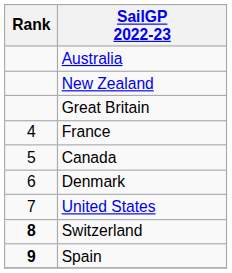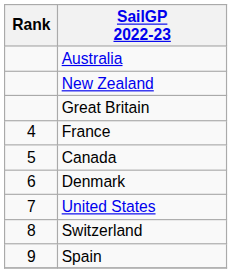 <table class="wikitable sortable" style="font-size:85%; text-align:center;">
 <tr>
 <th width=40>Rank<br></th>
 <th width=140><a href='#'>SailGP<br>2022-23</a></th>
 </tr>
 <tr>
 <td></td>
 <td style="text-align:left;"> <a href='#'>Australia</a></td>
 </tr>
 <tr>
 <td></td>
 <td style="text-align:left;"> <a href='#'>New Zealand</a></td>
 </tr>
 <tr>
 <td></td>
 <td style="text-align:left;"> Great Britain</td>
 </tr>
 <tr>
 <td>4</td>
 <td style="text-align:left;"> France</td>
 </tr>
 <tr>
 <td>5</td>
 <td style="text-align:left;"> Canada</td>
 </tr>
 <tr>
 <td>6</td>
 <td style="text-align:left;"> Denmark</td>
 </tr>
 <tr>
 <td>7</td>
 <td style="text-align:left;"> <a href='#'>United States</a></td>
 </tr>
 <tr>
-<td><strong>8</strong></td>
+<td>8</td>
 <td style="text-align:left;"> Switzerland</td>
 </tr>
 <tr>
-<td><strong>9</strong></td>
+<td>9</td>
 <td style="text-align:left;"> Spain</td>
 </tr>
 <tr>
 </tr>
 </table>
